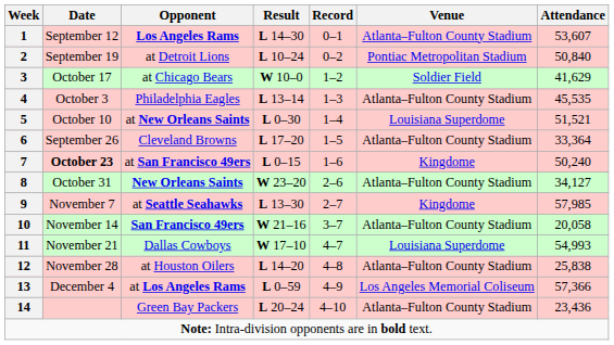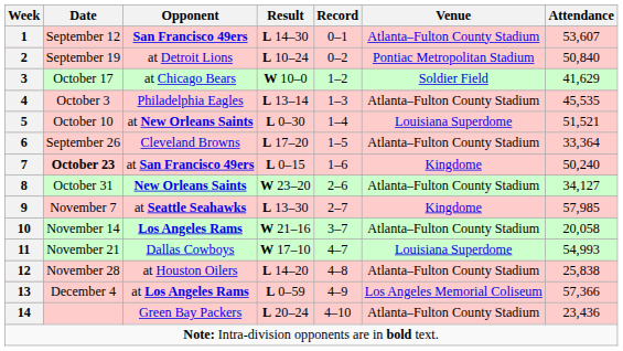 <table class="wikitable" style="text-align:center">
 <tr>
 <th>Week</th>
 <th>Date</th>
 <th>Opponent</th>
 <th>Result</th>
 <th>Record</th>
 <th>Venue</th>
 <th>Attendance</th>
 </tr>
 <tr style="background:#fcc">
 <th>1</th>
 <td>September 12</td>
-<td><strong><a href='#'>Los Angeles Rams</a></strong></td>
+<td><strong><a href='#'>San Francisco 49ers</a></strong></td>
 <td><strong>L</strong> 14–30</td>
 <td>0–1</td>
 <td><a href='#'>Atlanta–Fulton County Stadium</a></td>
 <td>53,607</td>
 </tr>
 <tr style="background:#fcc">
 <th>2</th>
 <td>September 19</td>
 <td>at <a href='#'>Detroit Lions</a></td>
 <td><strong>L</strong> 10–24</td>
 <td>0–2</td>
 <td><a href='#'>Pontiac Metropolitan Stadium</a></td>
 <td>50,840</td>
 </tr>
 <tr style="background:#cfc">
 <th>3</th>
 <td>October 17</td>
 <td>at <a href='#'>Chicago Bears</a></td>
 <td><strong>W</strong> 10–0</td>
 <td>1–2</td>
 <td><a href='#'>Soldier Field</a></td>
 <td>41,629</td>
 </tr>
 <tr style="background:#fcc">
 <th>4</th>
 <td>October 3</td>
 <td><a href='#'>Philadelphia Eagles</a></td>
 <td><strong>L</strong> 13–14</td>
 <td>1–3</td>
 <td>Atlanta–Fulton County Stadium</td>
 <td>45,535</td>
 </tr>
 <tr style="background:#fcc">
 <th>5</th>
 <td>October 10</td>
 <td>at <strong><a href='#'>New Orleans Saints</a></strong></td>
 <td><strong>L</strong> 0–30</td>
 <td>1–4</td>
 <td><a href='#'>Louisiana Superdome</a></td>
 <td>51,521</td>
 </tr>
 <tr style="background:#fcc">
 <th>6</th>
 <td>September 26</td>
 <td><a href='#'>Cleveland Browns</a></td>
 <td><strong>L</strong> 17–20</td>
 <td>1–5</td>
 <td>Atlanta–Fulton County Stadium</td>
 <td>33,364</td>
 </tr>
 <tr style="background:#fcc">
 <th>7</th>
 <td><strong>October 23</strong></td>
 <td>at <strong><a href='#'>San Francisco 49ers</a></strong></td>
 <td><strong>L</strong> 0–15</td>
 <td>1–6</td>
 <td><a href='#'>Kingdome</a></td>
 <td>50,240</td>
 </tr>
 <tr style="background:#cfc">
 <th>8</th>
 <td>October 31</td>
 <td><strong><a href='#'>New Orleans Saints</a></strong></td>
 <td><strong>W</strong> 23–20</td>
 <td>2–6</td>
 <td>Atlanta–Fulton County Stadium</td>
 <td>34,127</td>
 </tr>
 <tr style="background:#fcc">
 <th>9</th>
 <td>November 7</td>
 <td>at <strong><a href='#'>Seattle Seahawks</a></strong></td>
 <td><strong>L</strong> 13–30</td>
 <td>2–7</td>
 <td><a href='#'>Kingdome</a></td>
 <td>57,985</td>
 </tr>
 <tr style="background:#cfc">
 <th>10</th>
 <td>November 14</td>
-<td><strong><a href='#'>San Francisco 49ers</a></strong></td>
+<td><strong><a href='#'>Los Angeles Rams</a></strong></td>
 <td><strong>W</strong> 21–16</td>
 <td>3–7</td>
 <td>Atlanta–Fulton County Stadium</td>
 <td>20,058</td>
 </tr>
 <tr style="background:#cfc">
 <th>11</th>
 <td>November 21</td>
 <td><a href='#'>Dallas Cowboys</a></td>
 <td><strong>W</strong> 17–10</td>
 <td>4–7</td>
 <td><a href='#'>Louisiana Superdome</a></td>
 <td>54,993</td>
 </tr>
 <tr style="background:#fcc">
 <th>12</th>
 <td>November 28</td>
 <td>at <a href='#'>Houston Oilers</a></td>
 <td><strong>L</strong> 14–20</td>
 <td>4–8</td>
 <td>Atlanta–Fulton County Stadium</td>
 <td>25,838</td>
 </tr>
 <tr style="background:#fcc">
 <th>13</th>
 <td>December 4</td>
 <td>at <strong><a href='#'>Los Angeles Rams</a></strong></td>
 <td><strong>L</strong> 0–59</td>
 <td>4–9</td>
 <td><a href='#'>Los Angeles Memorial Coliseum</a></td>
 <td>57,366</td>
 </tr>
 <tr style="background:#fcc">
 <th>14</th>
 <td></td>
 <td><a href='#'>Green Bay Packers</a></td>
 <td><strong>L</strong> 20–24</td>
 <td>4–10</td>
 <td>Atlanta–Fulton County Stadium</td>
 <td>23,436</td>
 </tr>
 <tr>
 <td colspan="7"><strong>Note:</strong> Intra-division opponents are in <strong>bold</strong> text.</td>
 </tr>
 </table>
